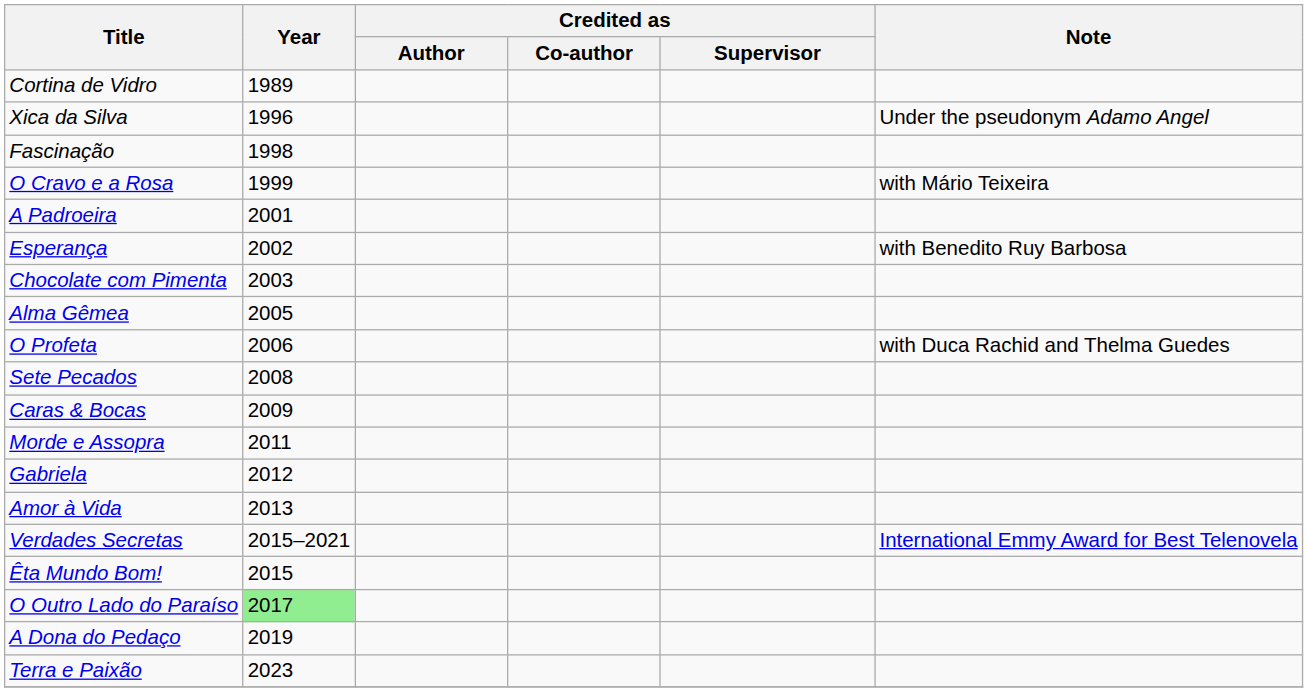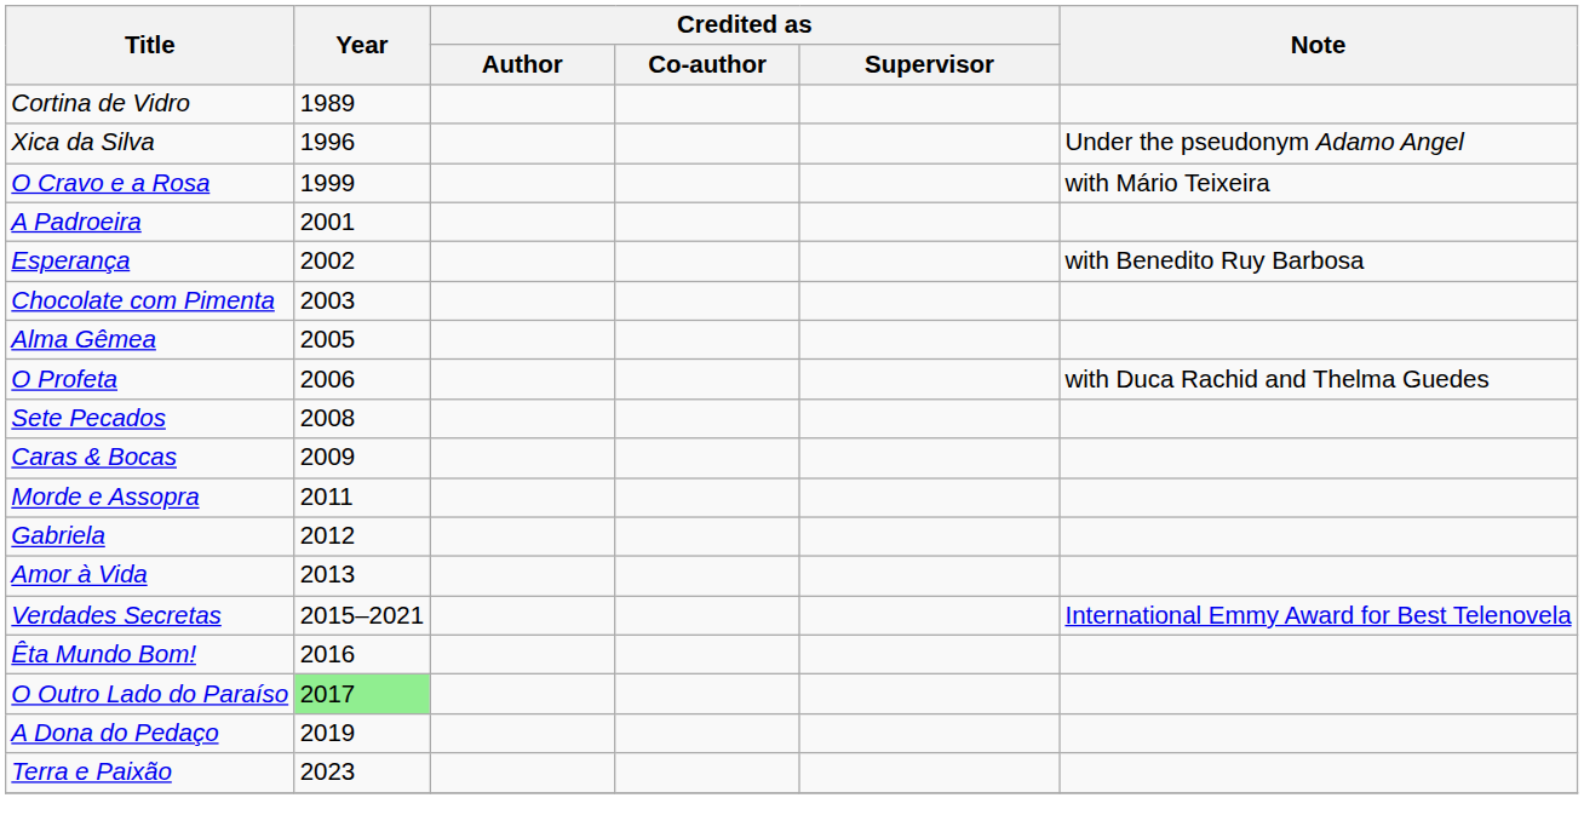 <table class="wikitable">
 <tr>
 <th rowspan="2">Title</th>
 <th rowspan="2">Year</th>
 <th colspan="3">Credited as</th>
 <th rowspan="2">Note</th>
 </tr>
 <tr>
 <th scope="col" style="width:7em">Author</th>
 <th scope="col" style="width:7em">Co-author</th>
 <th scope="col" style="width:10em">Supervisor</th>
 </tr>
 <tr>
 <td><em>Cortina de Vidro</em></td>
 <td>1989</td>
 <td></td>
 <td></td>
 <td></td>
 <td></td>
 </tr>
 <tr>
 <td><em>Xica da Silva</em></td>
 <td>1996</td>
 <td></td>
 <td></td>
 <td></td>
 <td>Under the pseudonym <em>Adamo Angel</em></td>
-</tr>
-<tr>
-<td><em>Fascinação</em></td>
-<td>1998</td>
-<td></td>
-<td></td>
-<td></td>
-<td></td>
 </tr>
 <tr>
 <td><em><a href='#'>O Cravo e a Rosa</a></em></td>
 <td>1999</td>
 <td></td>
 <td></td>
 <td></td>
 <td>with Mário Teixeira</td>
 </tr>
 <tr>
 <td><em><a href='#'>A Padroeira</a></em></td>
 <td>2001</td>
 <td></td>
 <td></td>
 <td></td>
 <td></td>
 </tr>
 <tr>
 <td><em><a href='#'>Esperança</a></em></td>
 <td>2002</td>
 <td></td>
 <td></td>
 <td></td>
 <td>with Benedito Ruy Barbosa</td>
 </tr>
 <tr>
 <td><em><a href='#'>Chocolate com Pimenta</a></em></td>
 <td>2003</td>
 <td></td>
 <td></td>
 <td></td>
 <td></td>
 </tr>
 <tr>
 <td><em><a href='#'>Alma Gêmea</a></em></td>
 <td>2005</td>
 <td></td>
 <td></td>
 <td></td>
 <td></td>
 </tr>
 <tr>
 <td><em><a href='#'>O Profeta</a></em></td>
 <td>2006</td>
 <td></td>
 <td></td>
 <td></td>
 <td>with Duca Rachid and Thelma Guedes</td>
 </tr>
 <tr>
 <td><em><a href='#'>Sete Pecados</a></em></td>
 <td>2008</td>
 <td></td>
 <td></td>
 <td></td>
 <td></td>
 </tr>
 <tr>
 <td><em><a href='#'>Caras & Bocas</a></em></td>
 <td>2009</td>
 <td></td>
 <td></td>
 <td></td>
 <td></td>
 </tr>
 <tr>
 <td><em><a href='#'>Morde e Assopra</a></em></td>
 <td>2011</td>
 <td></td>
 <td></td>
 <td></td>
 <td></td>
 </tr>
 <tr>
 <td><em><a href='#'>Gabriela</a></em></td>
 <td>2012</td>
 <td></td>
 <td></td>
 <td></td>
 <td></td>
 </tr>
 <tr>
 <td><em><a href='#'>Amor à Vida</a></em></td>
 <td>2013</td>
 <td></td>
 <td></td>
 <td></td>
 <td></td>
 </tr>
 <tr>
 <td><em><a href='#'>Verdades Secretas</a></em></td>
 <td>2015–2021</td>
 <td></td>
 <td></td>
 <td></td>
 <td><a href='#'>International Emmy Award for Best Telenovela</a></td>
 </tr>
 <tr>
 <td><em><a href='#'>Êta Mundo Bom!</a></em></td>
-<td>2015</td>
+<td>2016</td>
 <td></td>
 <td></td>
 <td></td>
 <td></td>
 </tr>
 <tr>
 <td><em><a href='#'>O Outro Lado do Paraíso</a></em></td>
 <td style="background: lightgreen;">2017</td>
 <td></td>
 <td></td>
 <td></td>
 <td></td>
 </tr>
 <tr>
 <td><em><a href='#'>A Dona do Pedaço</a></em></td>
 <td>2019</td>
 <td></td>
 <td></td>
 <td></td>
 <td></td>
 </tr>
 <tr>
 <td><em><a href='#'>Terra e Paixão</a></em></td>
 <td>2023</td>
 <td></td>
 <td></td>
 <td></td>
 <td></td>
 </tr>
 <tr>
 </tr>
 </table>
